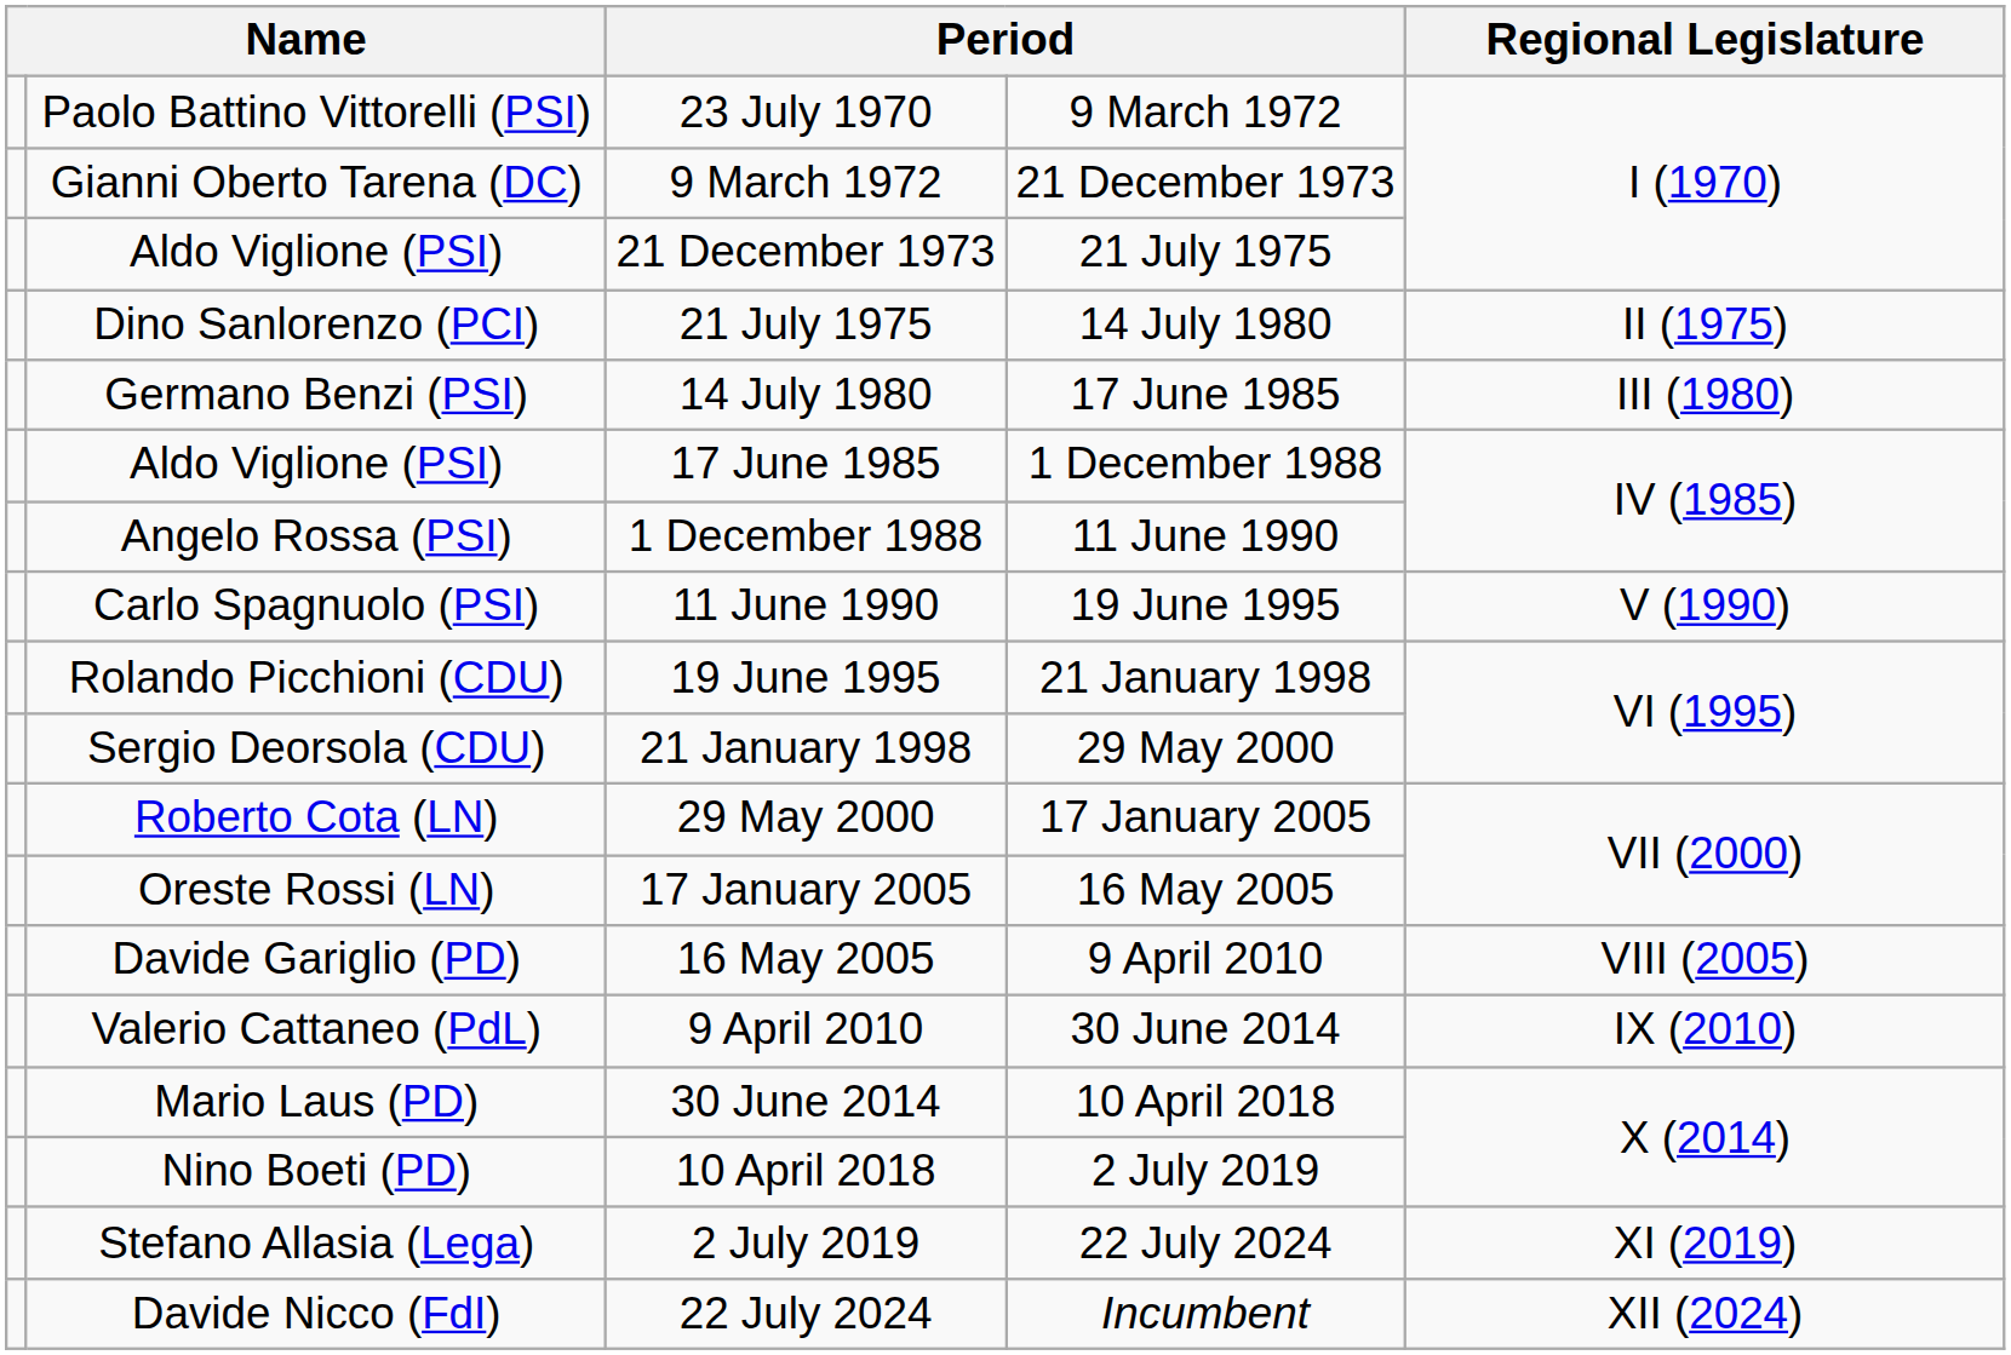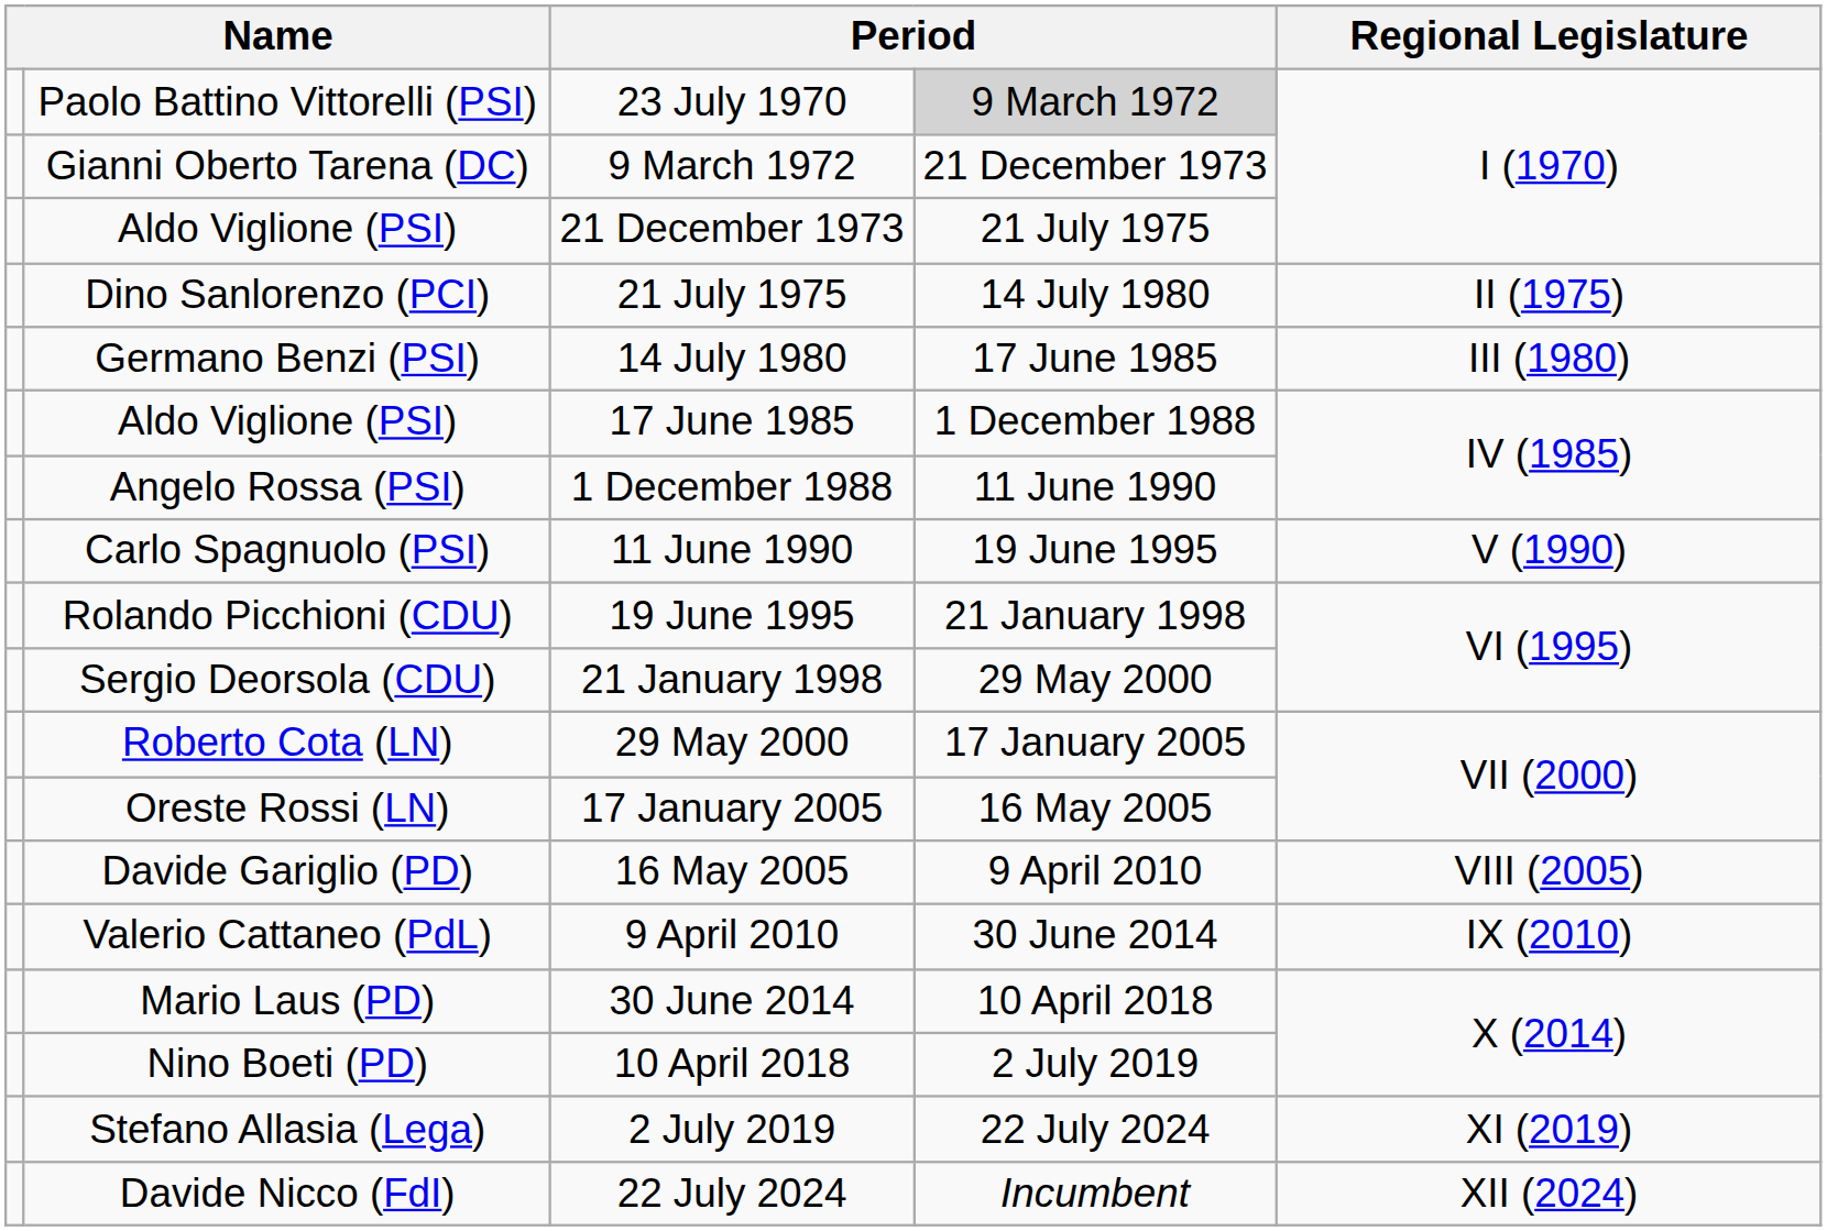 <table class="wikitable">
 <tr>
 <th width="30%" colspan=2>Name</th>
 <th width="40%" colspan=2>Period</th>
 <th width="30%">Regional Legislature</th>
 </tr>
 <tr align=center>
 <td style="background:"></td>
 <td>Paolo Battino Vittorelli (<a href='#'>PSI</a>)</td>
 <td>23 July 1970</td>
-<td>9 March 1972</td>
+<td style="background: lightgrey;">9 March 1972</td>
 <td rowspan=3>I (<a href='#'>1970</a>)</td>
 </tr>
 <tr align=center>
 <td style="background:"></td>
 <td>Gianni Oberto Tarena (<a href='#'>DC</a>)</td>
 <td>9 March 1972</td>
 <td>21 December 1973</td>
 </tr>
 <tr align=center>
 <td style="background:"></td>
 <td>Aldo Viglione (<a href='#'>PSI</a>)</td>
 <td>21 December 1973</td>
 <td>21 July 1975</td>
 </tr>
 <tr align=center>
 <td style="background:"></td>
 <td>Dino Sanlorenzo (<a href='#'>PCI</a>)</td>
 <td>21 July 1975</td>
 <td>14 July 1980</td>
 <td>II (<a href='#'>1975</a>)</td>
 </tr>
 <tr align=center>
 <td style="background:"></td>
 <td>Germano Benzi (<a href='#'>PSI</a>)</td>
 <td>14 July 1980</td>
 <td>17 June 1985</td>
 <td>III (<a href='#'>1980</a>)</td>
 </tr>
 <tr align=center>
 <td style="background:"></td>
 <td>Aldo Viglione (<a href='#'>PSI</a>)</td>
 <td>17 June 1985</td>
 <td>1 December 1988</td>
 <td rowspan=2>IV (<a href='#'>1985</a>)</td>
 </tr>
 <tr align=center>
 <td style="background:"></td>
 <td>Angelo Rossa (<a href='#'>PSI</a>)</td>
 <td>1 December 1988</td>
 <td>11 June 1990</td>
 </tr>
 <tr align=center>
 <td style="background:"></td>
 <td>Carlo Spagnuolo (<a href='#'>PSI</a>)</td>
 <td>11 June 1990</td>
 <td>19 June 1995</td>
 <td>V (<a href='#'>1990</a>)</td>
 </tr>
 <tr align=center>
 <td style="background:"></td>
 <td>Rolando Picchioni (<a href='#'>CDU</a>)</td>
 <td>19 June 1995</td>
 <td>21 January 1998</td>
 <td rowspan=2>VI (<a href='#'>1995</a>)</td>
 </tr>
 <tr align=center>
 <td style="background:"></td>
 <td>Sergio Deorsola (<a href='#'>CDU</a>)</td>
 <td>21 January 1998</td>
 <td>29 May 2000</td>
 </tr>
 <tr align=center>
 <td style="background:"></td>
 <td><a href='#'>Roberto Cota</a> (<a href='#'>LN</a>)</td>
 <td>29 May 2000</td>
 <td>17 January 2005</td>
 <td rowspan=2>VII (<a href='#'>2000</a>)</td>
 </tr>
 <tr align=center>
 <td style="background:"></td>
 <td>Oreste Rossi (<a href='#'>LN</a>)</td>
 <td>17 January 2005</td>
 <td>16 May 2005</td>
 </tr>
 <tr align=center>
 <td style="background:"></td>
 <td>Davide Gariglio (<a href='#'>PD</a>)</td>
 <td>16 May 2005</td>
 <td>9 April 2010</td>
 <td>VIII (<a href='#'>2005</a>)</td>
 </tr>
 <tr align=center>
 <td style="background:"></td>
 <td>Valerio Cattaneo (<a href='#'>PdL</a>)</td>
 <td>9 April 2010</td>
 <td>30 June 2014</td>
 <td>IX (<a href='#'>2010</a>)</td>
 </tr>
 <tr align=center>
 <td style="background:"></td>
 <td>Mario Laus (<a href='#'>PD</a>)</td>
 <td>30 June 2014</td>
 <td>10 April 2018</td>
 <td rowspan=2>X (<a href='#'>2014</a>)</td>
 </tr>
 <tr align=center>
 <td style="background:"></td>
 <td>Nino Boeti (<a href='#'>PD</a>)</td>
 <td>10 April 2018</td>
 <td>2 July 2019</td>
 </tr>
 <tr align=center>
 <td style="background:"></td>
 <td>Stefano Allasia (<a href='#'>Lega</a>)</td>
 <td>2 July 2019</td>
 <td>22 July 2024</td>
 <td>XI (<a href='#'>2019</a>)</td>
 </tr>
 <tr align=center>
 <td style="background:"></td>
 <td>Davide Nicco (<a href='#'>FdI</a>)</td>
 <td>22 July 2024</td>
 <td><em>Incumbent</em></td>
 <td>XII (<a href='#'>2024</a>)</td>
 </tr>
 </table>
